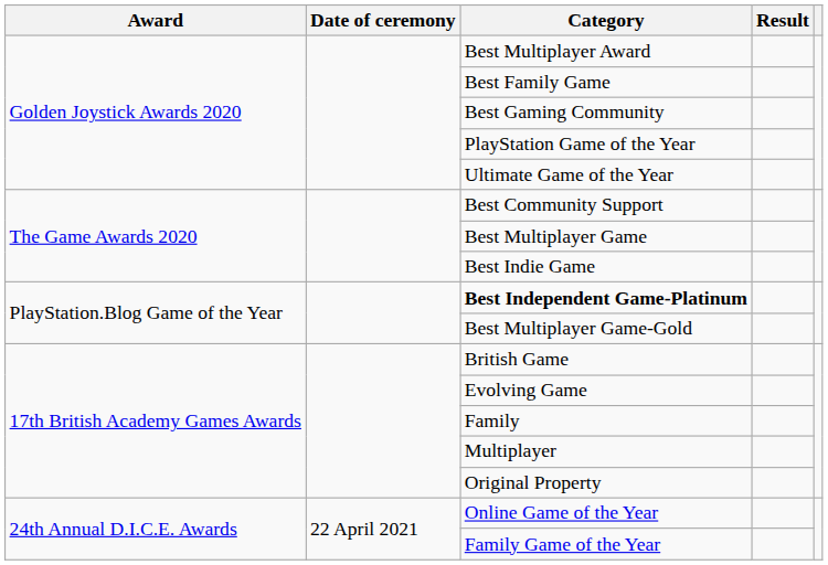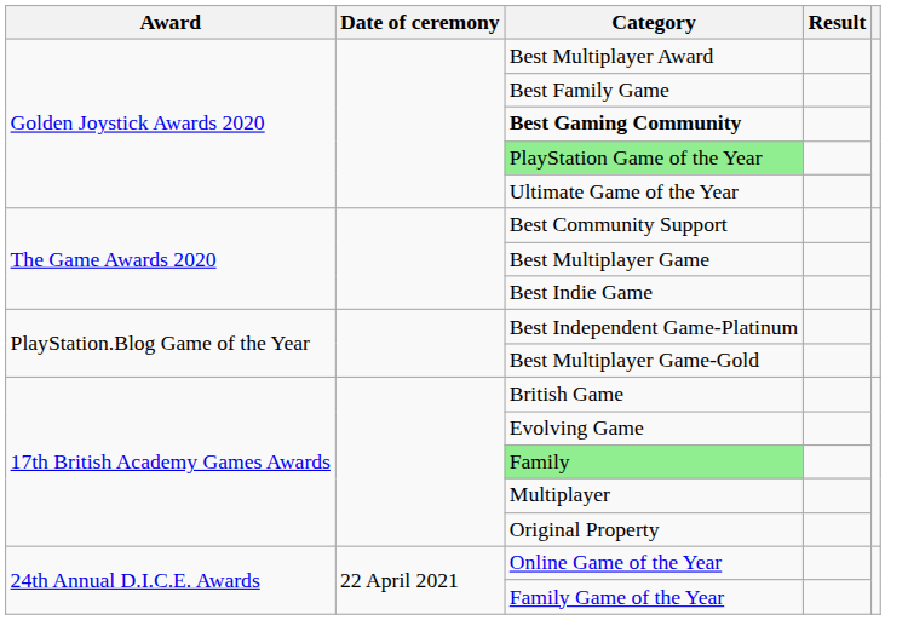 <table class="wikitable plainrowheaders sortable" width="auto">
 <tr>
 <th scope="col">Award</th>
 <th scope="col">Date of ceremony</th>
 <th scope="col">Category</th>
 <th scope="col">Result</th>
 <th scope="col" class="unsortable"></th>
 </tr>
 <tr>
 <td rowspan="5" scope="row"><a href='#'>Golden Joystick Awards 2020</a></td>
 <td rowspan="5"></td>
 <td>Best Multiplayer Award</td>
 <td></td>
 <td rowspan="5" style="text-align:center;"></td>
 </tr>
 <tr>
 <td>Best Family Game</td>
 <td></td>
 </tr>
 <tr>
-<td>Best Gaming Community</td>
+<td><strong>Best Gaming Community</strong></td>
 <td></td>
 </tr>
 <tr>
-<td>PlayStation Game of the Year</td>
+<td style="background: lightgreen;">PlayStation Game of the Year</td>
 <td></td>
 </tr>
 <tr>
 <td>Ultimate Game of the Year</td>
 <td></td>
 </tr>
 <tr>
 <td rowspan="3" scope="row"><a href='#'>The Game Awards 2020</a></td>
 <td rowspan="3"></td>
 <td>Best Community Support</td>
 <td></td>
 <td rowspan="3" style="text-align:center;"></td>
 </tr>
 <tr>
 <td>Best Multiplayer Game</td>
 <td></td>
 </tr>
 <tr>
 <td>Best Indie Game</td>
 <td></td>
 </tr>
 <tr>
 <td rowspan="2">PlayStation.Blog Game of the Year</td>
 <td rowspan="2"></td>
-<td><strong>Best Independent Game-Platinum</strong></td>
+<td>Best Independent Game-Platinum</td>
 <td></td>
 <td rowspan="2" style="text-align:center;"></td>
 </tr>
 <tr>
 <td>Best Multiplayer Game-Gold</td>
 <td></td>
 </tr>
 <tr>
 <td rowspan="5" scope="row"><a href='#'>17th British Academy Games Awards</a></td>
 <td rowspan="5"></td>
 <td>British Game</td>
 <td></td>
 <td rowspan="5" style="text-align:center;"></td>
 </tr>
 <tr>
 <td>Evolving Game</td>
 <td></td>
 </tr>
 <tr>
-<td>Family</td>
+<td style="background: lightgreen;">Family</td>
 <td></td>
 </tr>
 <tr>
 <td>Multiplayer</td>
 <td></td>
 </tr>
 <tr>
 <td>Original Property</td>
 <td></td>
 </tr>
 <tr>
 <td rowspan="2"><a href='#'>24th Annual D.I.C.E. Awards</a></td>
 <td rowspan="2">22 April 2021</td>
 <td><a href='#'>Online Game of the Year</a></td>
 <td></td>
 <td rowspan="2"></td>
 </tr>
 <tr>
 <td><a href='#'>Family Game of the Year</a></td>
 <td></td>
 </tr>
 </table>
